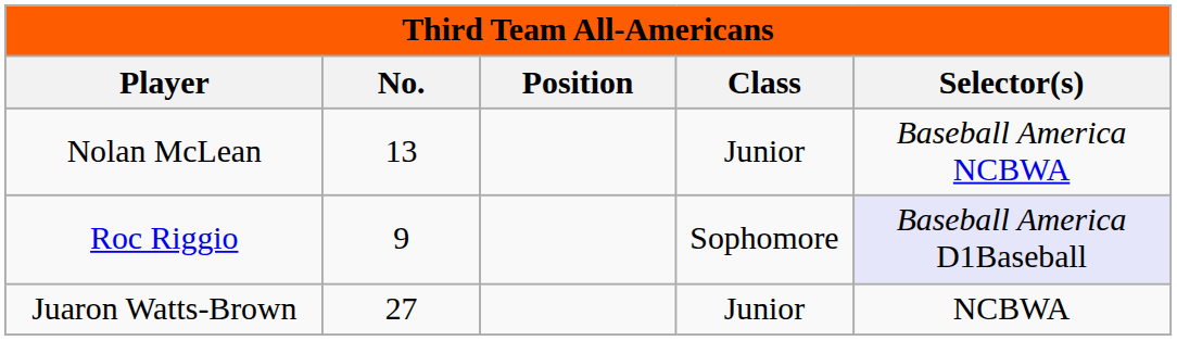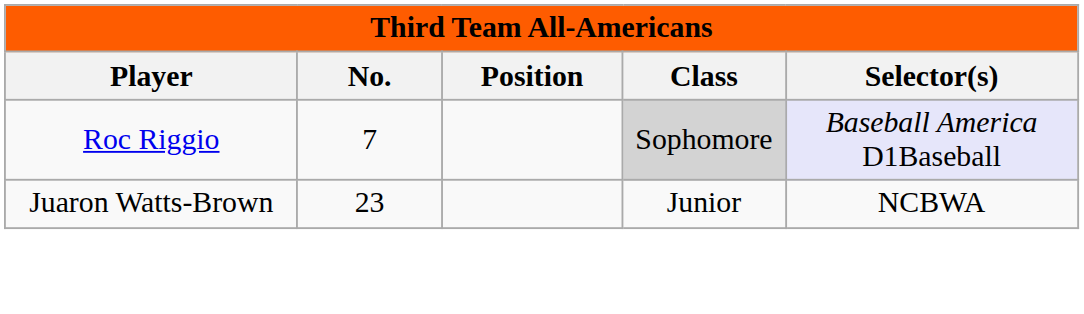 <table class="wikitable" style="text-align:center">
 <tr>
 <td colspan="5" style= "background: #FE5C00; color:black"><strong>Third Team All-Americans</strong></td>
 </tr>
 <tr>
 <th style="width:150px; ">Player</th>
 <th style="width:70px; ">No.</th>
 <th style="width:90px; ">Position</th>
 <th style="width:80px; ">Class</th>
 <th style="width:150px; ">Selector(s)</th>
 </tr>
 <tr>
-<td>Nolan McLean</td>
-<td>13</td>
+<td><a href='#'>Roc Riggio</a></td>
+<td>7</td>
 <td></td>
-<td>Junior</td>
-<td><em>Baseball America</em><br><a href='#'>NCBWA</a></td>
-</tr>
-<tr>
-<td><a href='#'>Roc Riggio</a></td>
-<td>9</td>
-<td></td>
-<td>Sophomore</td>
+<td style="background: lightgrey;">Sophomore</td>
 <td style="background: lavender;"><em>Baseball America</em><br>D1Baseball</td>
 </tr>
 <tr>
 <td>Juaron Watts-Brown</td>
-<td>27</td>
+<td>23</td>
 <td></td>
 <td>Junior</td>
 <td>NCBWA</td>
 </tr>
 </table>
